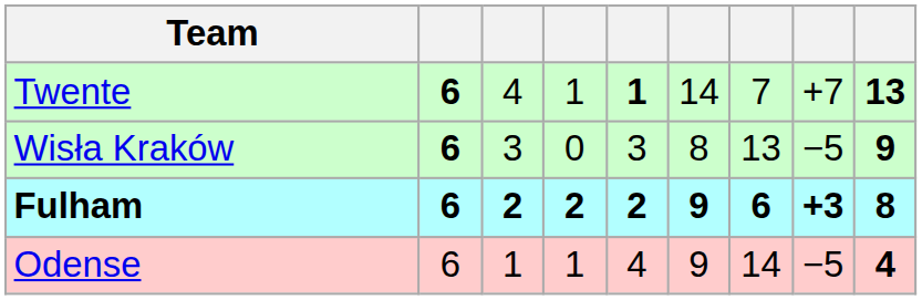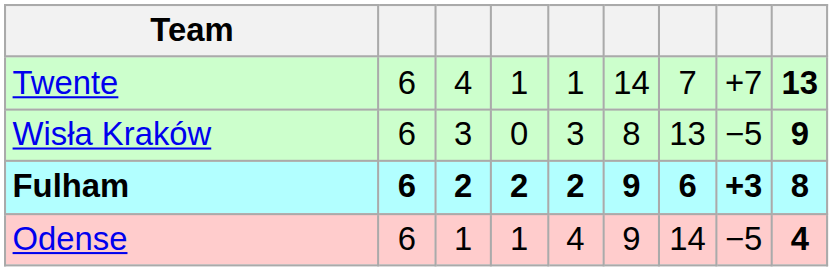 <table class="wikitable" style="text-align: center;">
 <tr>
 <th width=175>Team</th>
 <th width=20></th>
 <th width=20></th>
 <th width=20></th>
 <th width=20></th>
 <th width=20></th>
 <th width=20></th>
 <th width=20></th>
 <th width=20></th>
 </tr>
 <tr bgcolor= ccffcc>
 <td align=left> <a href='#'>Twente</a></td>
-<td><strong>6</strong></td>
+<td>6</td>
 <td>4</td>
 <td>1</td>
-<td><strong>1</strong></td>
+<td>1</td>
 <td>14</td>
 <td>7</td>
 <td>+7</td>
 <td><strong>13</strong></td>
 </tr>
 <tr bgcolor= ccffcc>
 <td align=left> <a href='#'>Wisła Kraków</a></td>
-<td><strong>6</strong></td>
+<td>6</td>
 <td>3</td>
 <td>0</td>
 <td>3</td>
 <td>8</td>
 <td>13</td>
 <td>−5</td>
 <td><strong>9</strong></td>
 </tr>
 <tr bgcolor= b2ffff>
 <td align=left> <strong>Fulham</strong></td>
 <td><strong>6</strong></td>
 <td><strong>2</strong></td>
 <td><strong>2</strong></td>
 <td><strong>2</strong></td>
 <td><strong>9</strong></td>
 <td><strong>6</strong></td>
 <td><strong>+3</strong></td>
 <td><strong>8</strong></td>
 </tr>
 <tr bgcolor= ffcccc>
 <td align=left> <a href='#'>Odense</a></td>
 <td>6</td>
 <td>1</td>
 <td>1</td>
 <td>4</td>
 <td>9</td>
 <td>14</td>
 <td>−5</td>
 <td><strong>4</strong></td>
 </tr>
 </table>
